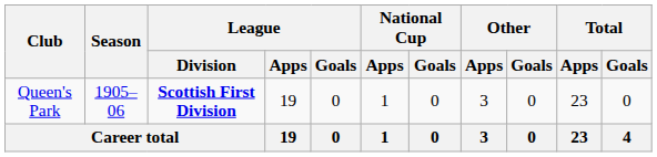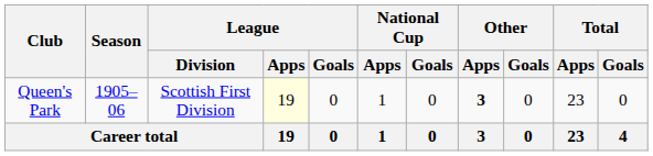 <table class="wikitable" style="text-align: center;">
 <tr>
 <th rowspan="2">Club</th>
 <th rowspan="2">Season</th>
 <th colspan="3">League</th>
 <th colspan="2">National Cup</th>
 <th colspan="2">Other</th>
 <th colspan="2">Total</th>
 </tr>
 <tr>
 <th>Division</th>
 <th>Apps</th>
 <th>Goals</th>
 <th>Apps</th>
 <th>Goals</th>
 <th>Apps</th>
 <th>Goals</th>
 <th>Apps</th>
 <th>Goals</th>
 </tr>
 <tr>
 <td><a href='#'>Queen's Park</a></td>
 <td><a href='#'>1905–06</a></td>
-<td><strong><a href='#'>Scottish First Division</a></strong></td>
-<td>19</td>
+<td><a href='#'>Scottish First Division</a></td>
+<td style="background: lightyellow;">19</td>
 <td>0</td>
 <td>1</td>
 <td>0</td>
-<td>3</td>
+<td><strong>3</strong></td>
 <td>0</td>
 <td>23</td>
 <td>0</td>
 </tr>
 <tr>
 <th colspan="3">Career total</th>
 <th>19</th>
 <th>0</th>
 <th>1</th>
 <th>0</th>
 <th>3</th>
 <th>0</th>
 <th>23</th>
 <th>4</th>
 </tr>
 </table>
